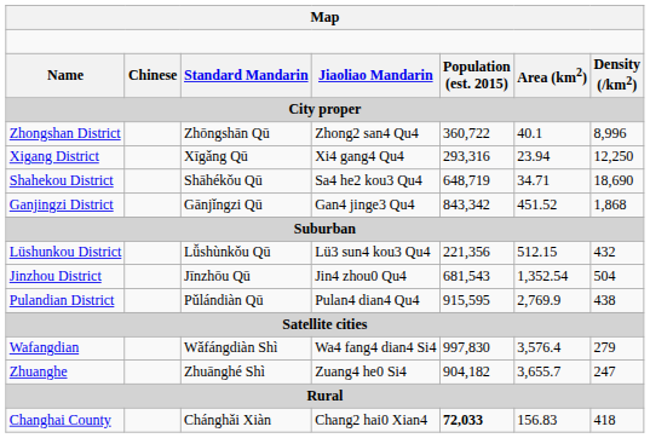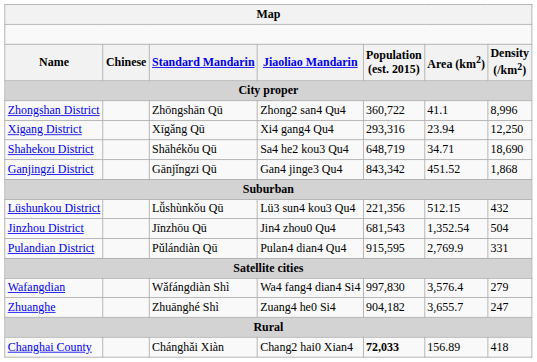 <table class="wikitable" style="font-size:90%; margin:auto;">
 <tr>
 <th colspan="8">Map</th>
 </tr>
 <tr>
 <td colspan="8"><div><br>               </div></td>
 </tr>
 <tr>
 <th>Name</th>
 <th>Chinese</th>
 <th><a href='#'>Standard Mandarin</a></th>
 <th><a href='#'>Jiaoliao Mandarin</a></th>
 <th>Population<br>(est. 2015)</th>
 <th>Area (km<sup>2</sup>)</th>
 <th>Density<br>(/km<sup>2</sup>)</th>
 </tr>
 <tr>
 <td colspan="8" style="text-align:center; background:#d3d3d3;"><strong>City proper</strong></td>
 </tr>
 <tr>
 <td><a href='#'>Zhongshan District</a></td>
 <td></td>
 <td>Zhōngshān Qū</td>
 <td>Zhong2 san4 Qu4</td>
 <td>360,722</td>
-<td>40.1</td>
+<td>41.1</td>
 <td>8,996</td>
 </tr>
 <tr>
 <td><a href='#'>Xigang District</a></td>
 <td></td>
 <td>Xīgǎng Qū</td>
 <td>Xi4 gang4 Qu4</td>
 <td>293,316</td>
 <td>23.94</td>
 <td>12,250</td>
 </tr>
 <tr>
 <td><a href='#'>Shahekou District</a></td>
 <td></td>
 <td>Shāhékǒu Qū</td>
 <td>Sa4 he2 kou3 Qu4</td>
 <td>648,719</td>
 <td>34.71</td>
 <td>18,690</td>
 </tr>
 <tr>
 <td><a href='#'>Ganjingzi District</a></td>
 <td></td>
 <td>Gānjǐngzi Qū</td>
 <td>Gan4 jinge3 Qu4</td>
 <td>843,342</td>
 <td>451.52</td>
 <td>1,868</td>
 </tr>
 <tr>
 <td colspan="8" style="text-align:center; background:#d3d3d3;"><strong>Suburban</strong></td>
 </tr>
 <tr>
 <td><a href='#'>Lüshunkou District</a></td>
 <td></td>
 <td>Lǚshùnkǒu Qū</td>
 <td>Lü3 sun4 kou3 Qu4</td>
 <td>221,356</td>
 <td>512.15</td>
 <td>432</td>
 </tr>
 <tr>
 <td><a href='#'>Jinzhou District</a></td>
 <td></td>
 <td>Jīnzhōu Qū</td>
 <td>Jin4 zhou0 Qu4</td>
 <td>681,543</td>
 <td>1,352.54</td>
 <td>504</td>
 </tr>
 <tr>
 <td><a href='#'>Pulandian District</a></td>
 <td></td>
 <td>Pǔlándiàn Qū</td>
 <td>Pulan4 dian4 Qu4</td>
 <td>915,595</td>
 <td>2,769.9</td>
-<td>438</td>
+<td>331</td>
 </tr>
 <tr>
 <td colspan="8" style="text-align:center; background:#d3d3d3;"><strong>Satellite cities</strong></td>
 </tr>
 <tr>
 <td><a href='#'>Wafangdian</a></td>
 <td></td>
 <td>Wǎfángdiàn Shì</td>
 <td>Wa4 fang4 dian4 Si4</td>
 <td>997,830</td>
 <td>3,576.4</td>
 <td>279</td>
 </tr>
 <tr>
 <td><a href='#'>Zhuanghe</a></td>
 <td></td>
 <td>Zhuānghé Shì</td>
 <td>Zuang4 he0 Si4</td>
 <td>904,182</td>
 <td>3,655.7</td>
 <td>247</td>
 </tr>
 <tr>
 <td colspan="8" style="text-align:center; background:#d3d3d3;"><strong>Rural</strong></td>
 </tr>
 <tr>
 <td><a href='#'>Changhai County</a></td>
 <td></td>
 <td>Chánghǎi Xiàn</td>
 <td>Chang2 hai0 Xian4</td>
 <td><strong>72,033</strong></td>
-<td>156.83</td>
+<td>156.89</td>
 <td>418</td>
 </tr>
 </table>
